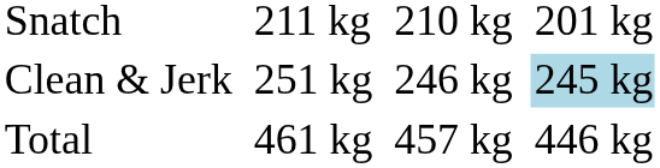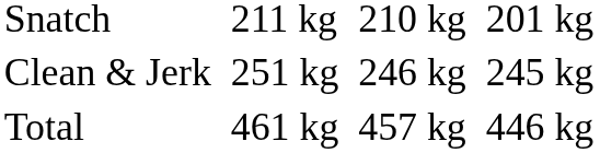 <table>
 <tr>
 <td>Snatch</td>
 <td></td>
 <td>211 kg</td>
 <td></td>
 <td>210 kg</td>
 <td></td>
 <td>201 kg</td>
 </tr>
 <tr>
 <td>Clean & Jerk</td>
 <td></td>
 <td>251 kg</td>
 <td></td>
 <td>246 kg</td>
 <td></td>
-<td style="background: lightblue;">245 kg</td>
+<td>245 kg</td>
 </tr>
 <tr>
 <td>Total</td>
 <td></td>
 <td>461 kg</td>
 <td></td>
 <td>457 kg</td>
 <td></td>
 <td>446 kg</td>
 </tr>
 </table>
